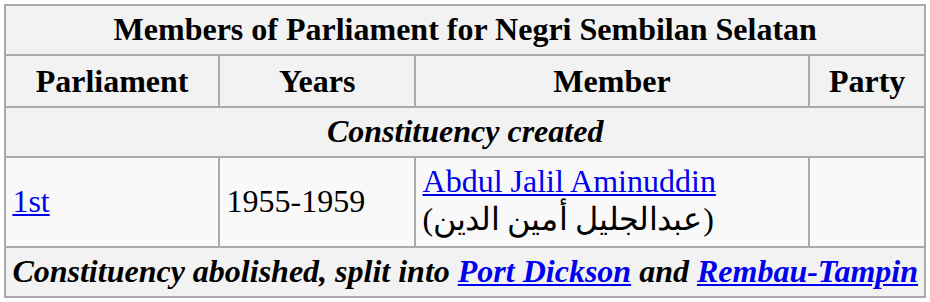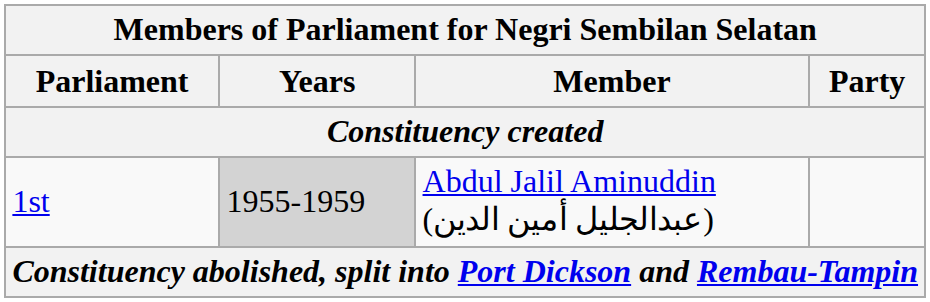 <table class="wikitable">
 <tr>
 <th colspan="4">Members of Parliament for Negri Sembilan Selatan</th>
 </tr>
 <tr>
 <th>Parliament</th>
 <th>Years</th>
 <th>Member</th>
 <th>Party</th>
 </tr>
 <tr>
 <th colspan="4"><em>Constituency created</em></th>
 </tr>
 <tr>
 <td><a href='#'>1st</a></td>
-<td>1955-1959</td>
+<td style="background: lightgrey;">1955-1959</td>
 <td><a href='#'>Abdul Jalil Aminuddin</a>  <br>(عبدالجليل أمين الدين)</td>
 <td></td>
 </tr>
 <tr>
 <th colspan="4"><em>Constituency abolished, split into <a href='#'>Port Dickson</a> and <a href='#'>Rembau-Tampin</a></em></th>
 </tr>
 </table>
